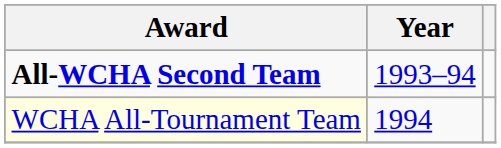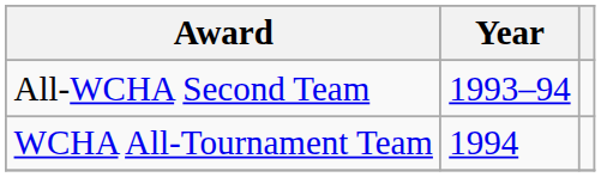 <table class="wikitable">
 <tr>
 <th>Award</th>
 <th>Year</th>
 <th></th>
 </tr>
 <tr>
-<td><strong>All-<a href='#'>WCHA</a> <a href='#'>Second Team</a></strong></td>
+<td>All-<a href='#'>WCHA</a> <a href='#'>Second Team</a></td>
 <td><a href='#'>1993–94</a></td>
 <td></td>
 </tr>
 <tr>
-<td style="background: lightyellow;"><a href='#'>WCHA</a> <a href='#'>All-Tournament Team</a></td>
+<td><a href='#'>WCHA</a> <a href='#'>All-Tournament Team</a></td>
 <td><a href='#'>1994</a></td>
 <td></td>
 </tr>
 <tr>
 </tr>
 </table>
